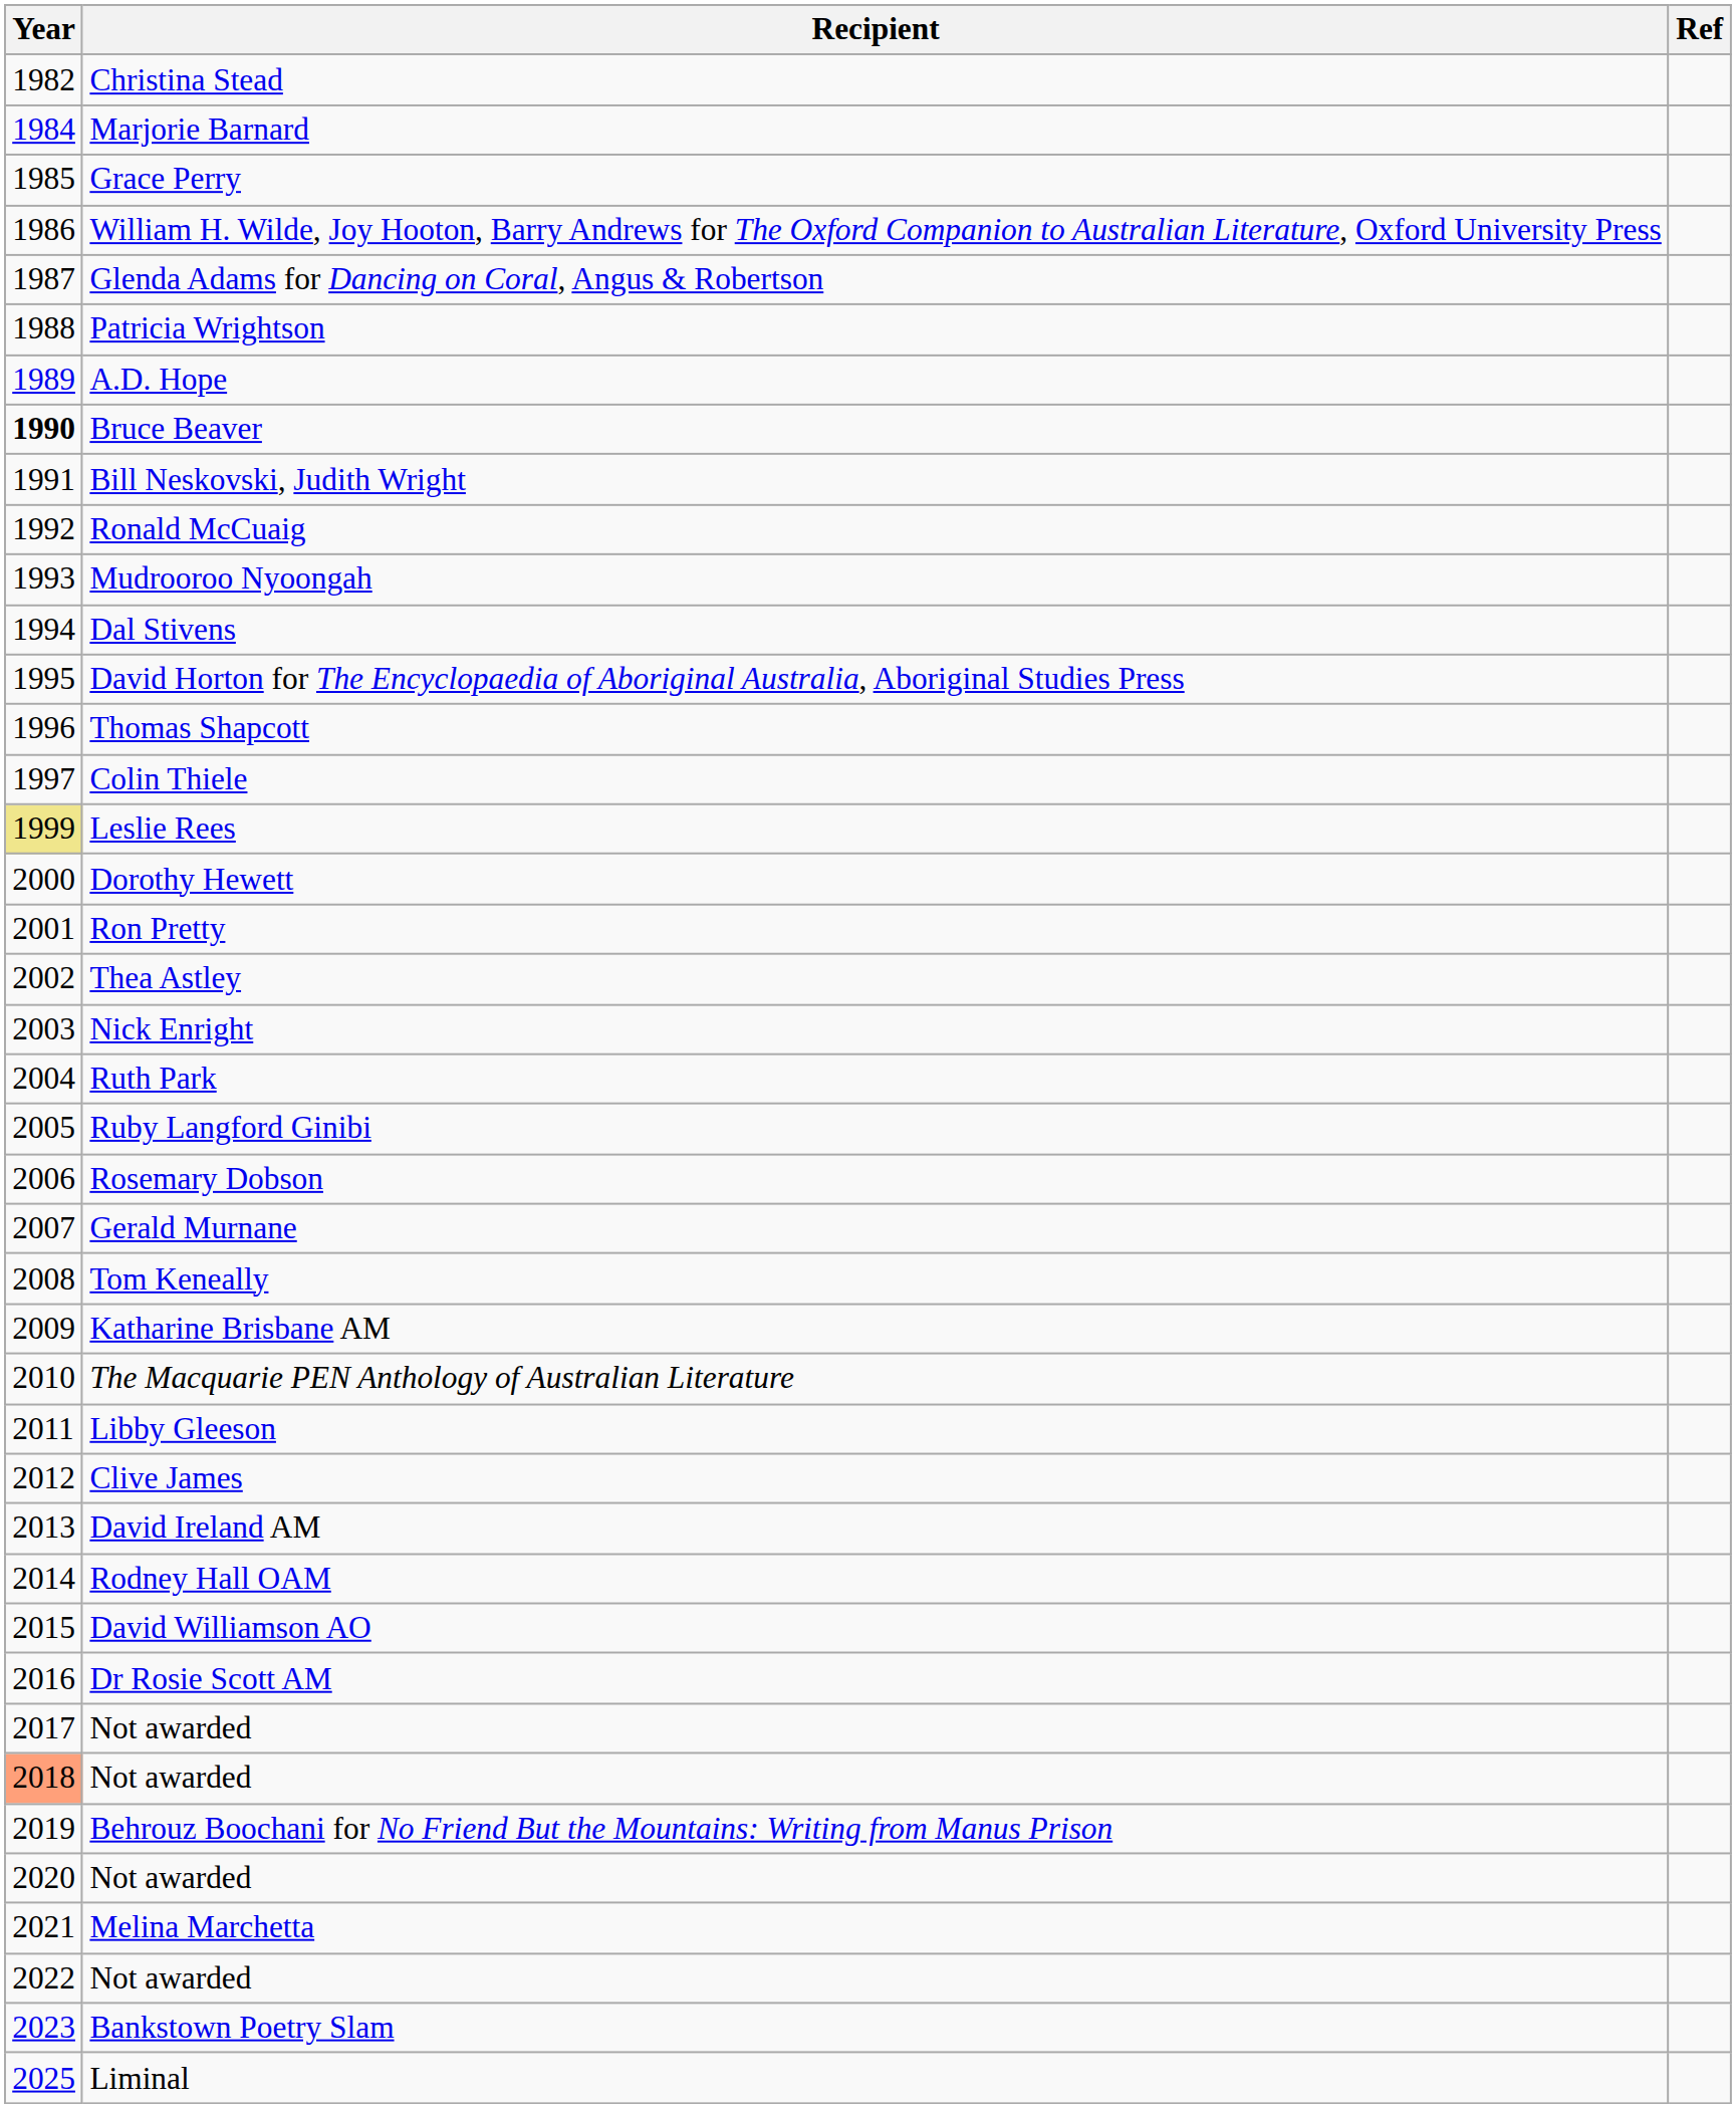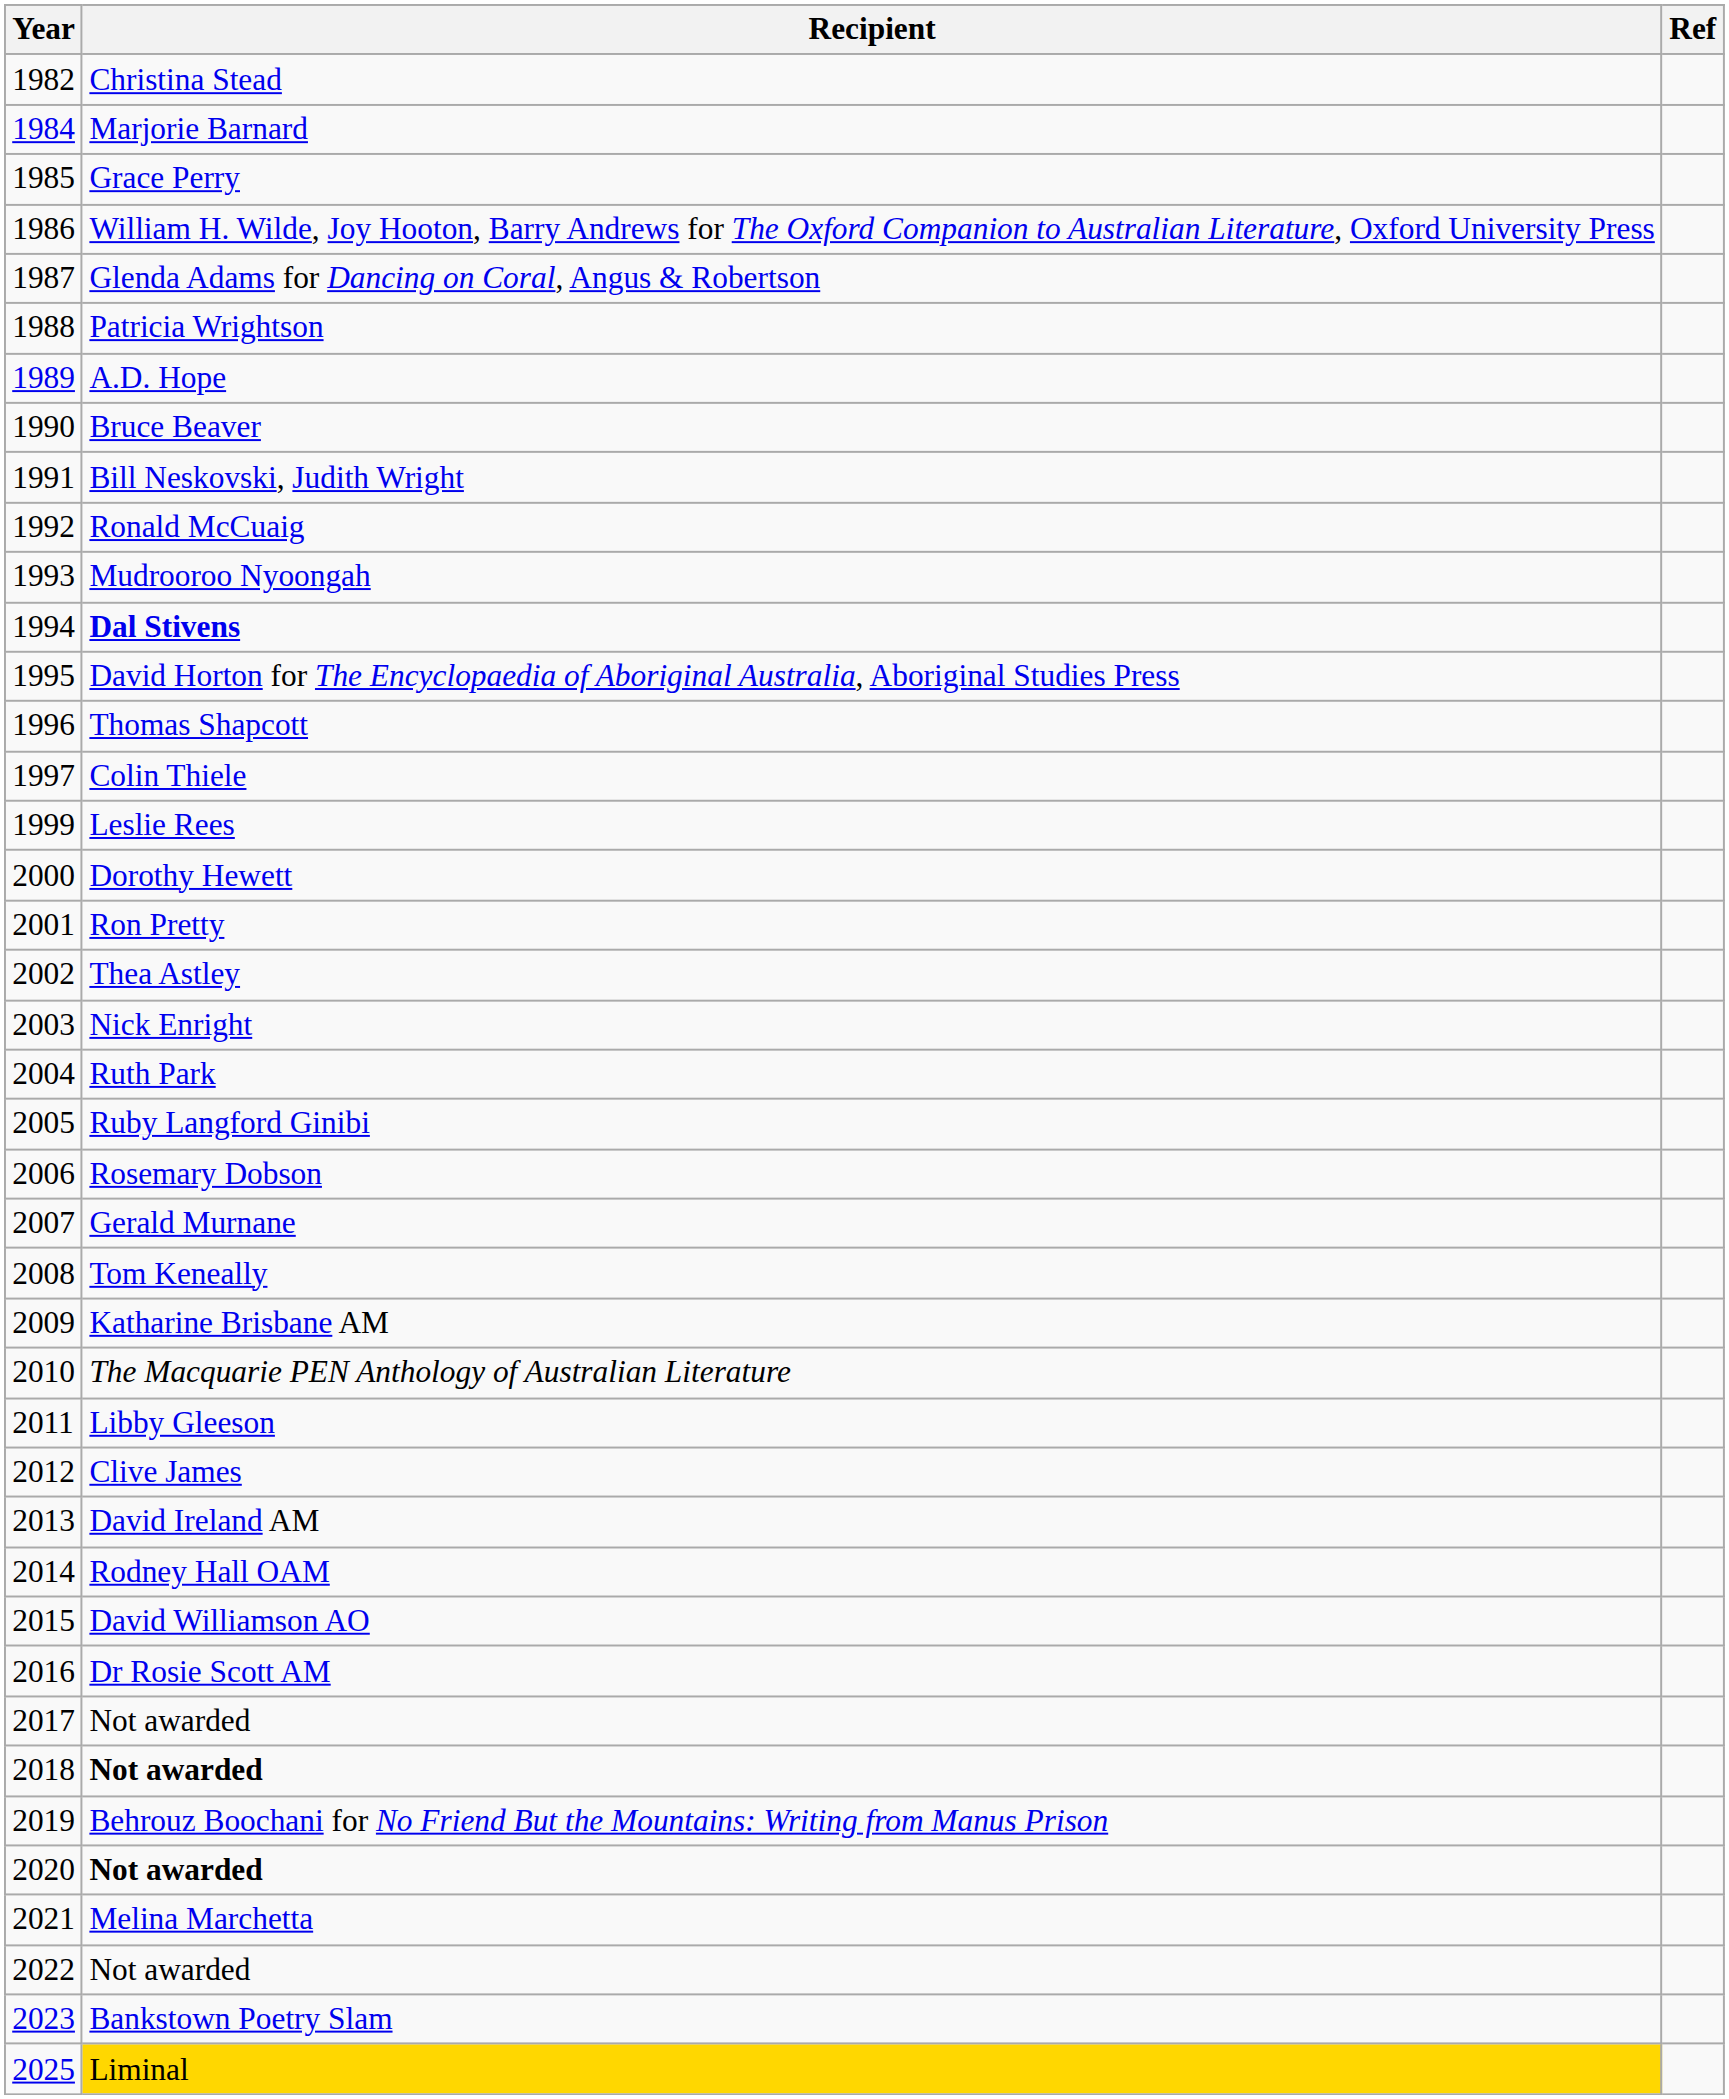 <table class="wikitable">
 <tr>
 <th>Year</th>
 <th>Recipient</th>
 <th>Ref</th>
 </tr>
 <tr>
 <td>1982</td>
 <td><a href='#'>Christina Stead</a></td>
 <td></td>
 </tr>
 <tr>
 <td><a href='#'>1984</a></td>
 <td><a href='#'>Marjorie Barnard</a></td>
 <td></td>
 </tr>
 <tr>
 <td>1985</td>
 <td><a href='#'>Grace Perry</a></td>
 <td></td>
 </tr>
 <tr>
 <td>1986</td>
 <td><a href='#'>William H. Wilde</a>, <a href='#'>Joy Hooton</a>, <a href='#'>Barry Andrews</a> for <em><a href='#'>The Oxford Companion to Australian Literature</a></em>, <a href='#'>Oxford University Press</a></td>
 <td></td>
 </tr>
 <tr>
 <td>1987</td>
 <td><a href='#'>Glenda Adams</a> for <em><a href='#'>Dancing on Coral</a></em>, <a href='#'>Angus & Robertson</a></td>
 <td></td>
 </tr>
 <tr>
 <td>1988</td>
 <td><a href='#'>Patricia Wrightson</a></td>
 <td></td>
 </tr>
 <tr>
 <td><a href='#'>1989</a></td>
 <td><a href='#'>A.D. Hope</a></td>
 <td></td>
 </tr>
 <tr>
-<td><strong>1990</strong></td>
+<td>1990</td>
 <td><a href='#'>Bruce Beaver</a></td>
 <td></td>
 </tr>
 <tr>
 <td>1991</td>
 <td><a href='#'>Bill Neskovski</a>, <a href='#'>Judith Wright</a></td>
 <td></td>
 </tr>
 <tr>
 <td>1992</td>
 <td><a href='#'>Ronald McCuaig</a></td>
 <td></td>
 </tr>
 <tr>
 <td>1993</td>
 <td><a href='#'>Mudrooroo Nyoongah</a></td>
 <td></td>
 </tr>
 <tr>
 <td>1994</td>
-<td><a href='#'>Dal Stivens</a></td>
+<td><strong><a href='#'>Dal Stivens</a></strong></td>
 <td></td>
 </tr>
 <tr>
 <td>1995</td>
 <td><a href='#'>David Horton</a> for <em><a href='#'>The Encyclopaedia of Aboriginal Australia</a></em>, <a href='#'>Aboriginal Studies Press</a></td>
 <td></td>
 </tr>
 <tr>
 <td>1996</td>
 <td><a href='#'>Thomas Shapcott</a></td>
 <td></td>
 </tr>
 <tr>
 <td>1997</td>
 <td><a href='#'>Colin Thiele</a></td>
 <td></td>
 </tr>
 <tr>
-<td style="background: khaki;">1999</td>
+<td>1999</td>
 <td><a href='#'>Leslie Rees</a></td>
 <td></td>
 </tr>
 <tr>
 <td>2000</td>
 <td><a href='#'>Dorothy Hewett</a></td>
 <td></td>
 </tr>
 <tr>
 <td>2001</td>
 <td><a href='#'>Ron Pretty</a></td>
 <td></td>
 </tr>
 <tr>
 <td>2002</td>
 <td><a href='#'>Thea Astley</a></td>
 <td></td>
 </tr>
 <tr>
 <td>2003</td>
 <td><a href='#'>Nick Enright</a></td>
 <td></td>
 </tr>
 <tr>
 <td>2004</td>
 <td><a href='#'>Ruth Park</a></td>
 <td></td>
 </tr>
 <tr>
 <td>2005</td>
 <td><a href='#'>Ruby Langford Ginibi</a></td>
 <td></td>
 </tr>
 <tr>
 <td>2006</td>
 <td><a href='#'>Rosemary Dobson</a></td>
 <td></td>
 </tr>
 <tr>
 <td>2007</td>
 <td><a href='#'>Gerald Murnane</a></td>
 <td></td>
 </tr>
 <tr>
 <td>2008</td>
 <td><a href='#'>Tom Keneally</a></td>
 <td></td>
 </tr>
 <tr>
 <td>2009</td>
 <td><a href='#'>Katharine Brisbane</a> AM</td>
 <td></td>
 </tr>
 <tr>
 <td>2010</td>
 <td><em>The Macquarie PEN Anthology of Australian Literature</em></td>
 <td></td>
 </tr>
 <tr>
 <td>2011</td>
 <td><a href='#'>Libby Gleeson</a></td>
 <td></td>
 </tr>
 <tr>
 <td>2012</td>
 <td><a href='#'>Clive James</a></td>
 <td></td>
 </tr>
 <tr>
 <td>2013</td>
 <td><a href='#'>David Ireland</a> AM</td>
 <td></td>
 </tr>
 <tr>
 <td>2014</td>
 <td><a href='#'>Rodney Hall OAM</a></td>
 <td></td>
 </tr>
 <tr>
 <td>2015</td>
 <td><a href='#'>David Williamson AO</a></td>
 <td></td>
 </tr>
 <tr>
 <td>2016</td>
 <td><a href='#'>Dr Rosie Scott AM</a></td>
 <td></td>
 </tr>
 <tr>
 <td>2017</td>
 <td>Not awarded</td>
 <td></td>
 </tr>
 <tr>
-<td style="background: lightsalmon;">2018</td>
-<td>Not awarded</td>
+<td>2018</td>
+<td><strong>Not awarded</strong></td>
 <td></td>
 </tr>
 <tr>
 <td>2019</td>
 <td><a href='#'>Behrouz Boochani</a> for <em><a href='#'>No Friend But the Mountains: Writing from Manus Prison</a></em></td>
 <td></td>
 </tr>
 <tr>
 <td>2020</td>
-<td>Not awarded</td>
+<td><strong>Not awarded</strong></td>
 <td></td>
 </tr>
 <tr>
 <td>2021</td>
 <td><a href='#'>Melina Marchetta</a></td>
 <td></td>
 </tr>
 <tr>
 <td>2022</td>
 <td>Not awarded</td>
 <td></td>
 </tr>
 <tr>
 <td><a href='#'>2023</a></td>
 <td><a href='#'>Bankstown Poetry Slam</a></td>
 <td></td>
 </tr>
 <tr>
 <td><a href='#'>2025</a></td>
-<td>Liminal</td>
+<td style="background: gold;">Liminal</td>
 <td></td>
 </tr>
 </table>
